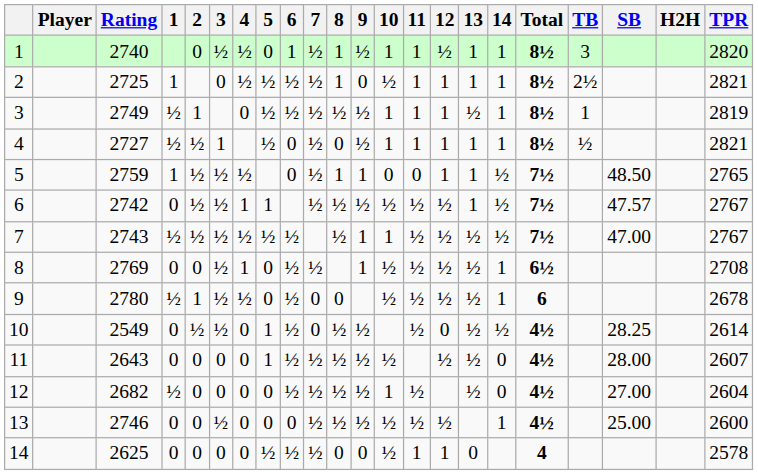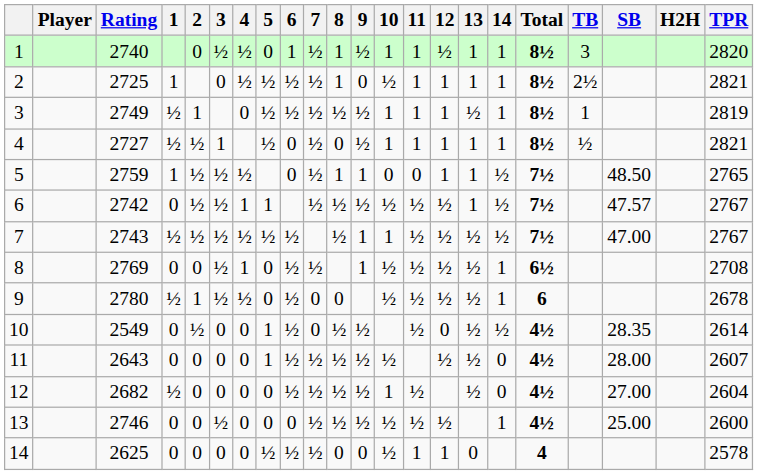 <table class="wikitable" style="text-align: center;">
 <tr>
 <th></th>
 <th>Player</th>
 <th><a href='#'>Rating</a></th>
 <th>1</th>
 <th>2</th>
 <th>3</th>
 <th>4</th>
 <th>5</th>
 <th>6</th>
 <th>7</th>
 <th>8</th>
 <th>9</th>
 <th>10</th>
 <th>11</th>
 <th>12</th>
 <th>13</th>
 <th>14</th>
 <th>Total</th>
 <th><a href='#'>TB</a></th>
 <th><a href='#'>SB</a></th>
 <th>H2H</th>
 <th><a href='#'>TPR</a></th>
 </tr>
 <tr style="background:#ccffcc;">
 <td>1</td>
 <td align="left"><strong></strong></td>
 <td>2740</td>
 <td></td>
 <td>0</td>
 <td>½</td>
 <td>½</td>
 <td>0</td>
 <td>1</td>
 <td>½</td>
 <td>1</td>
 <td>½</td>
 <td>1</td>
 <td>1</td>
 <td>½</td>
 <td>1</td>
 <td>1</td>
 <td><strong>8½</strong></td>
 <td>3</td>
 <td></td>
 <td></td>
 <td>2820</td>
 </tr>
 <tr>
 <td>2</td>
 <td align="left"></td>
 <td>2725</td>
 <td>1</td>
 <td></td>
 <td>0</td>
 <td>½</td>
 <td>½</td>
 <td>½</td>
 <td>½</td>
 <td>1</td>
 <td>0</td>
 <td>½</td>
 <td>1</td>
 <td>1</td>
 <td>1</td>
 <td>1</td>
 <td><strong>8½</strong></td>
 <td>2½</td>
 <td></td>
 <td></td>
 <td>2821</td>
 </tr>
 <tr>
 <td>3</td>
 <td align="left"></td>
 <td>2749</td>
 <td>½</td>
 <td>1</td>
 <td></td>
 <td>0</td>
 <td>½</td>
 <td>½</td>
 <td>½</td>
 <td>½</td>
 <td>½</td>
 <td>1</td>
 <td>1</td>
 <td>1</td>
 <td>½</td>
 <td>1</td>
 <td><strong>8½</strong></td>
 <td>1</td>
 <td></td>
 <td></td>
 <td>2819</td>
 </tr>
 <tr>
 <td>4</td>
 <td align="left"></td>
 <td>2727</td>
 <td>½</td>
 <td>½</td>
 <td>1</td>
 <td></td>
 <td>½</td>
 <td>0</td>
 <td>½</td>
 <td>0</td>
 <td>½</td>
 <td>1</td>
 <td>1</td>
 <td>1</td>
 <td>1</td>
 <td>1</td>
 <td><strong>8½</strong></td>
 <td>½</td>
 <td></td>
 <td></td>
 <td>2821</td>
 </tr>
 <tr>
 <td>5</td>
 <td align="left"></td>
 <td>2759</td>
 <td>1</td>
 <td>½</td>
 <td>½</td>
 <td>½</td>
 <td></td>
 <td>0</td>
 <td>½</td>
 <td>1</td>
 <td>1</td>
 <td>0</td>
 <td>0</td>
 <td>1</td>
 <td>1</td>
 <td>½</td>
 <td><strong>7½</strong></td>
 <td></td>
 <td>48.50</td>
 <td></td>
 <td>2765</td>
 </tr>
 <tr>
 <td>6</td>
 <td align="left"></td>
 <td>2742</td>
 <td>0</td>
 <td>½</td>
 <td>½</td>
 <td>1</td>
 <td>1</td>
 <td></td>
 <td>½</td>
 <td>½</td>
 <td>½</td>
 <td>½</td>
 <td>½</td>
 <td>½</td>
 <td>1</td>
 <td>½</td>
 <td><strong>7½</strong></td>
 <td></td>
 <td>47.57</td>
 <td></td>
 <td>2767</td>
 </tr>
 <tr>
 <td>7</td>
 <td align="left"></td>
 <td>2743</td>
 <td>½</td>
 <td>½</td>
 <td>½</td>
 <td>½</td>
 <td>½</td>
 <td>½</td>
 <td></td>
 <td>½</td>
 <td>1</td>
 <td>1</td>
 <td>½</td>
 <td>½</td>
 <td>½</td>
 <td>½</td>
 <td><strong>7½</strong></td>
 <td></td>
 <td>47.00</td>
 <td></td>
 <td>2767</td>
 </tr>
 <tr>
 <td>8</td>
 <td align="left"></td>
 <td>2769</td>
 <td>0</td>
 <td>0</td>
 <td>½</td>
 <td>1</td>
 <td>0</td>
 <td>½</td>
 <td>½</td>
 <td></td>
 <td>1</td>
 <td>½</td>
 <td>½</td>
 <td>½</td>
 <td>½</td>
 <td>1</td>
 <td><strong>6½</strong></td>
 <td></td>
 <td></td>
 <td></td>
 <td>2708</td>
 </tr>
 <tr>
 <td>9</td>
 <td align="left"></td>
 <td>2780</td>
 <td>½</td>
 <td>1</td>
 <td>½</td>
 <td>½</td>
 <td>0</td>
 <td>½</td>
 <td>0</td>
 <td>0</td>
 <td></td>
 <td>½</td>
 <td>½</td>
 <td>½</td>
 <td>½</td>
 <td>1</td>
 <td><strong>6</strong></td>
 <td></td>
 <td></td>
 <td></td>
 <td>2678</td>
 </tr>
 <tr>
 <td>10</td>
 <td align="left"></td>
 <td>2549</td>
 <td>0</td>
 <td>½</td>
-<td>½</td>
+<td>0</td>
 <td>0</td>
 <td>1</td>
 <td>½</td>
 <td>0</td>
 <td>½</td>
 <td>½</td>
 <td></td>
 <td>½</td>
 <td>0</td>
 <td>½</td>
 <td>½</td>
 <td><strong>4½</strong></td>
 <td></td>
-<td>28.25</td>
+<td>28.35</td>
 <td></td>
 <td>2614</td>
 </tr>
 <tr>
 <td>11</td>
 <td align="left"></td>
 <td>2643</td>
 <td>0</td>
 <td>0</td>
 <td>0</td>
 <td>0</td>
 <td>1</td>
 <td>½</td>
 <td>½</td>
 <td>½</td>
 <td>½</td>
 <td>½</td>
 <td></td>
 <td>½</td>
 <td>½</td>
 <td>0</td>
 <td><strong>4½</strong></td>
 <td></td>
 <td>28.00</td>
 <td></td>
 <td>2607</td>
 </tr>
 <tr>
 <td>12</td>
 <td align="left"></td>
 <td>2682</td>
 <td>½</td>
 <td>0</td>
 <td>0</td>
 <td>0</td>
 <td>0</td>
 <td>½</td>
 <td>½</td>
 <td>½</td>
 <td>½</td>
 <td>1</td>
 <td>½</td>
 <td></td>
 <td>½</td>
 <td>0</td>
 <td><strong>4½</strong></td>
 <td></td>
 <td>27.00</td>
 <td></td>
 <td>2604</td>
 </tr>
 <tr>
 <td>13</td>
 <td align="left"></td>
 <td>2746</td>
 <td>0</td>
 <td>0</td>
 <td>½</td>
 <td>0</td>
 <td>0</td>
 <td>0</td>
 <td>½</td>
 <td>½</td>
 <td>½</td>
 <td>½</td>
 <td>½</td>
 <td>½</td>
 <td></td>
 <td>1</td>
 <td><strong>4½</strong></td>
 <td></td>
 <td>25.00</td>
 <td></td>
 <td>2600</td>
 </tr>
 <tr>
 <td>14</td>
 <td align="left"></td>
 <td>2625</td>
 <td>0</td>
 <td>0</td>
 <td>0</td>
 <td>0</td>
 <td>½</td>
 <td>½</td>
 <td>½</td>
 <td>0</td>
 <td>0</td>
 <td>½</td>
 <td>1</td>
 <td>1</td>
 <td>0</td>
 <td></td>
 <td><strong>4</strong></td>
 <td></td>
 <td></td>
 <td></td>
 <td>2578</td>
 </tr>
 </table>
